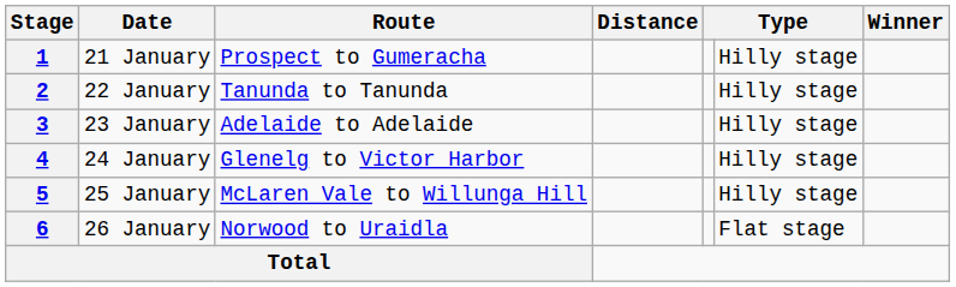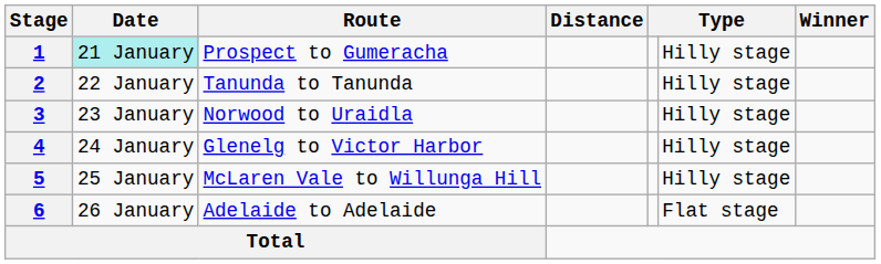 <table class="wikitable">
 <tr>
 <th scope="col">Stage</th>
 <th scope="col">Date</th>
 <th scope="col">Route</th>
 <th scope="col">Distance</th>
 <th colspan="2" scope="col">Type</th>
 <th scope="col">Winner</th>
 </tr>
 <tr>
 <th scope="row"><a href='#'>1</a></th>
-<td>21 January</td>
+<td style="background: paleturquoise;">21 January</td>
 <td><a href='#'>Prospect</a> to <a href='#'>Gumeracha</a></td>
 <td style="text-align:center;"></td>
 <td></td>
 <td>Hilly stage</td>
 <td></td>
 </tr>
 <tr>
 <th scope="row"><a href='#'>2</a></th>
 <td>22 January</td>
 <td><a href='#'>Tanunda</a> to Tanunda</td>
 <td style="text-align:center;"></td>
 <td></td>
 <td>Hilly stage</td>
 <td></td>
 </tr>
 <tr>
 <th scope="row"><a href='#'>3</a></th>
 <td>23 January</td>
-<td><a href='#'>Adelaide</a> to Adelaide</td>
+<td><a href='#'>Norwood</a> to <a href='#'>Uraidla</a></td>
 <td style="text-align:center;"></td>
 <td></td>
 <td>Hilly stage</td>
 <td></td>
 </tr>
 <tr>
 <th scope="row"><a href='#'>4</a></th>
 <td>24 January</td>
 <td><a href='#'>Glenelg</a> to <a href='#'>Victor Harbor</a></td>
 <td style="text-align:center;"></td>
 <td></td>
 <td>Hilly stage</td>
 <td></td>
 </tr>
 <tr>
 <th scope="row"><a href='#'>5</a></th>
 <td>25 January</td>
 <td><a href='#'>McLaren Vale</a> to <a href='#'>Willunga Hill</a></td>
 <td style="text-align:center;"></td>
 <td></td>
 <td>Hilly stage</td>
 <td></td>
 </tr>
 <tr>
 <th scope="row"><a href='#'>6</a></th>
 <td>26 January</td>
-<td><a href='#'>Norwood</a> to <a href='#'>Uraidla</a></td>
+<td><a href='#'>Adelaide</a> to Adelaide</td>
 <td style="text-align:center;"></td>
 <td></td>
 <td>Flat stage</td>
 <td></td>
 </tr>
 <tr>
 <th colspan="3">Total</th>
 <td style="text-align:center;" colspan="4"></td>
 </tr>
 </table>
